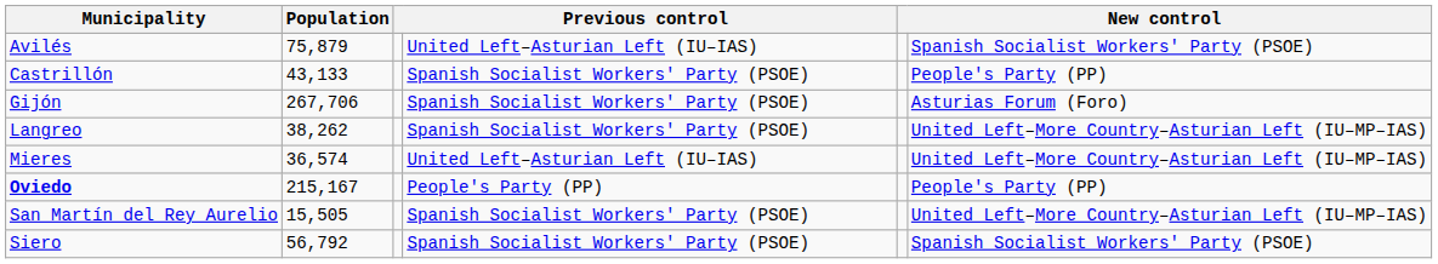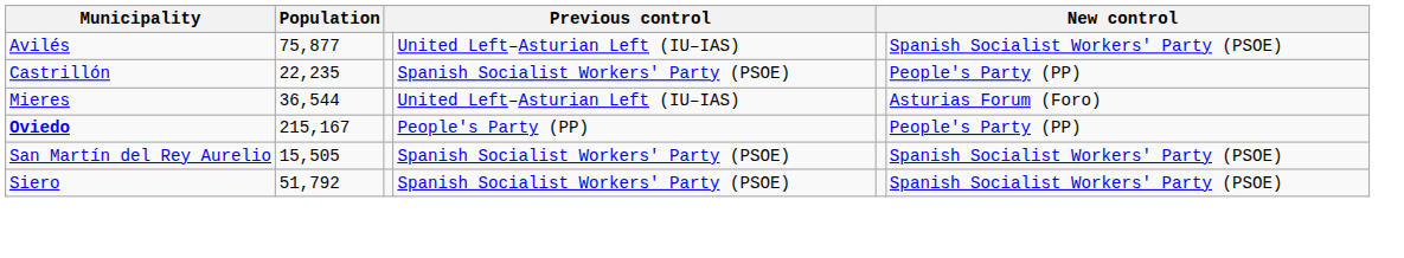 <table class="wikitable sortable">
 <tr>
 <th>Municipality</th>
 <th>Population</th>
 <th colspan="2" style="width:375px;">Previous control</th>
 <th colspan="2" style="width:375px;">New control</th>
 </tr>
 <tr>
 <td><a href='#'>Avilés</a></td>
-<td>75,879</td>
+<td>75,877</td>
 <td width="1" style="color:inherit;background:"></td>
 <td><a href='#'>United Left</a>–<a href='#'>Asturian Left</a> (IU–IAS)</td>
 <td width="1" style="color:inherit;background:"></td>
 <td><a href='#'>Spanish Socialist Workers' Party</a> (PSOE)</td>
 </tr>
 <tr>
 <td><a href='#'>Castrillón</a></td>
-<td>43,133</td>
+<td>22,235</td>
 <td style="color:inherit;background:"></td>
 <td><a href='#'>Spanish Socialist Workers' Party</a> (PSOE)</td>
 <td style="color:inherit;background:"></td>
 <td><a href='#'>People's Party</a> (PP)</td>
 </tr>
 <tr>
-<td><a href='#'>Gijón</a></td>
-<td>267,706</td>
-<td style="color:inherit;background:"></td>
-<td><a href='#'>Spanish Socialist Workers' Party</a> (PSOE)</td>
-<td style="color:inherit;background:"></td>
-<td><a href='#'>Asturias Forum</a> (Foro)</td>
-</tr>
-<tr>
-<td><a href='#'>Langreo</a></td>
-<td>38,262</td>
-<td style="color:inherit;background:"></td>
-<td><a href='#'>Spanish Socialist Workers' Party</a> (PSOE)</td>
-<td style="color:inherit;background:"></td>
-<td><a href='#'>United Left</a>–<a href='#'>More Country</a>–<a href='#'>Asturian Left</a> (IU–MP–IAS)</td>
-</tr>
-<tr>
 <td><a href='#'>Mieres</a></td>
-<td>36,574</td>
+<td>36,544</td>
 <td style="color:inherit;background:"></td>
 <td><a href='#'>United Left</a>–<a href='#'>Asturian Left</a> (IU–IAS)</td>
 <td style="color:inherit;background:"></td>
-<td><a href='#'>United Left</a>–<a href='#'>More Country</a>–<a href='#'>Asturian Left</a> (IU–MP–IAS)</td>
+<td><a href='#'>Asturias Forum</a> (Foro)</td>
 </tr>
 <tr>
 <td><strong><a href='#'>Oviedo</a></strong></td>
 <td>215,167</td>
 <td style="color:inherit;background:"></td>
 <td><a href='#'>People's Party</a> (PP)</td>
 <td style="color:inherit;background:"></td>
 <td><a href='#'>People's Party</a> (PP)</td>
 </tr>
 <tr>
 <td><a href='#'>San Martín del Rey Aurelio</a></td>
 <td>15,505</td>
 <td style="color:inherit;background:"></td>
 <td><a href='#'>Spanish Socialist Workers' Party</a> (PSOE)</td>
 <td style="color:inherit;background:"></td>
-<td><a href='#'>United Left</a>–<a href='#'>More Country</a>–<a href='#'>Asturian Left</a> (IU–MP–IAS)</td>
+<td><a href='#'>Spanish Socialist Workers' Party</a> (PSOE)</td>
 </tr>
 <tr>
 <td><a href='#'>Siero</a></td>
-<td>56,792</td>
+<td>51,792</td>
 <td style="color:inherit;background:"></td>
 <td><a href='#'>Spanish Socialist Workers' Party</a> (PSOE)</td>
 <td style="color:inherit;background:"></td>
 <td><a href='#'>Spanish Socialist Workers' Party</a> (PSOE)</td>
 </tr>
 </table>
